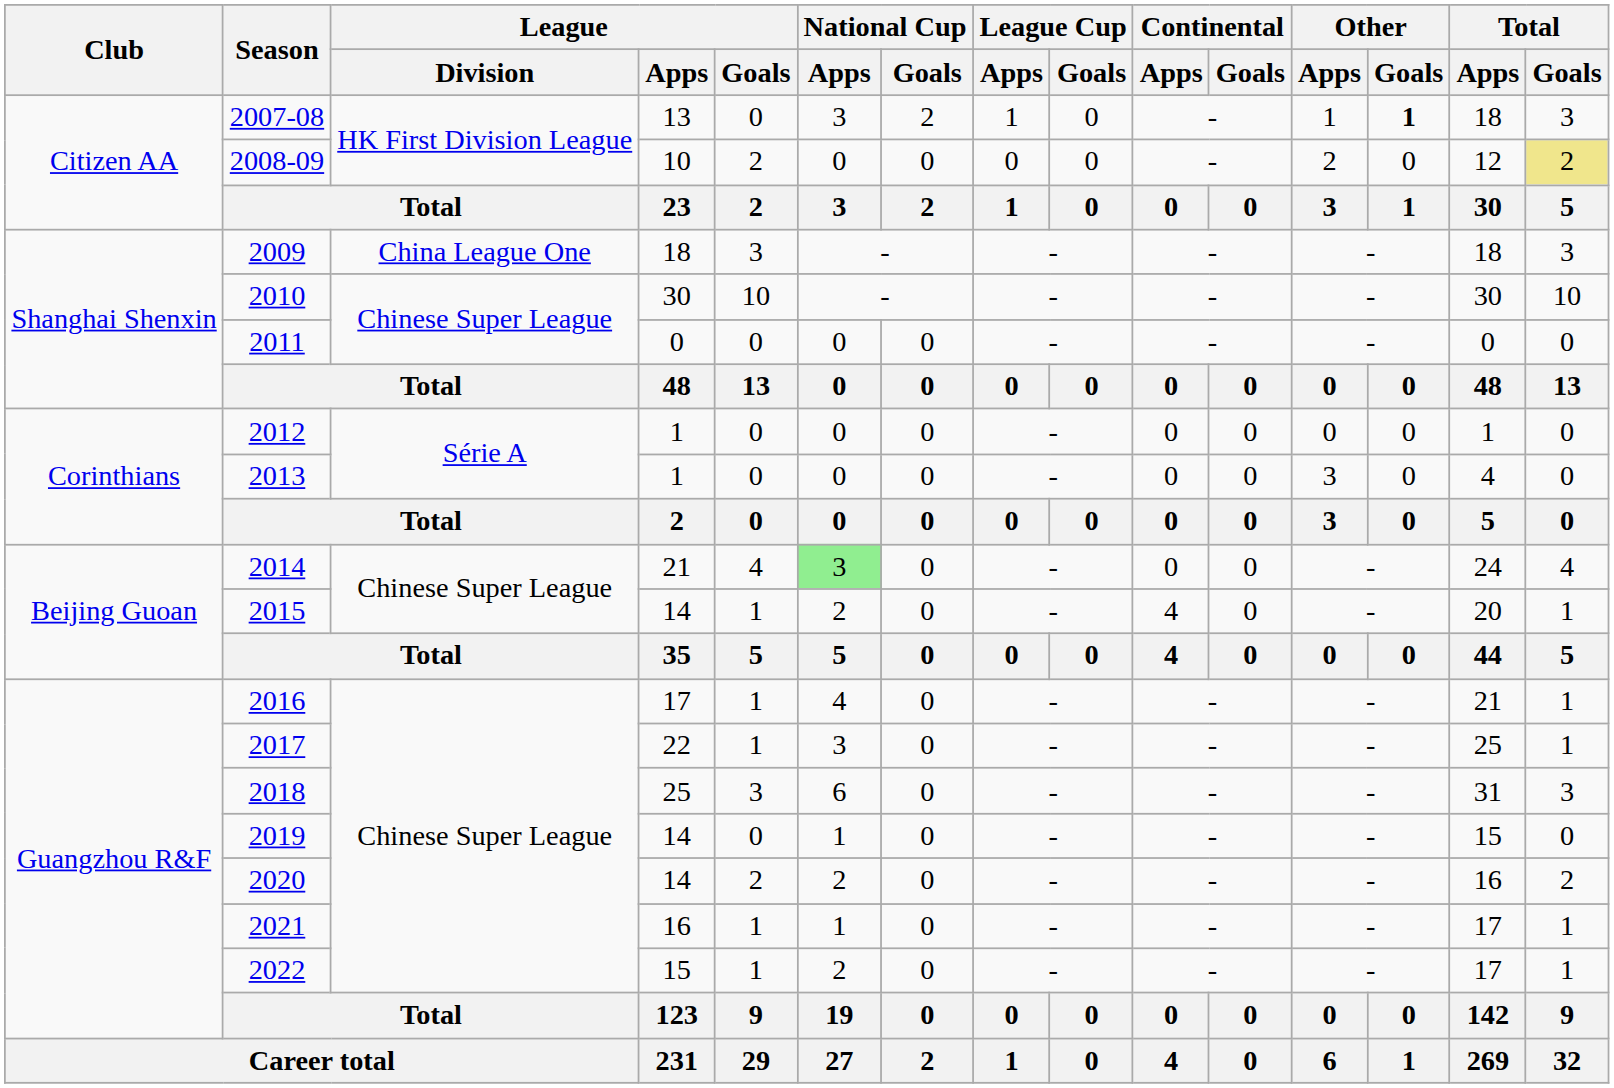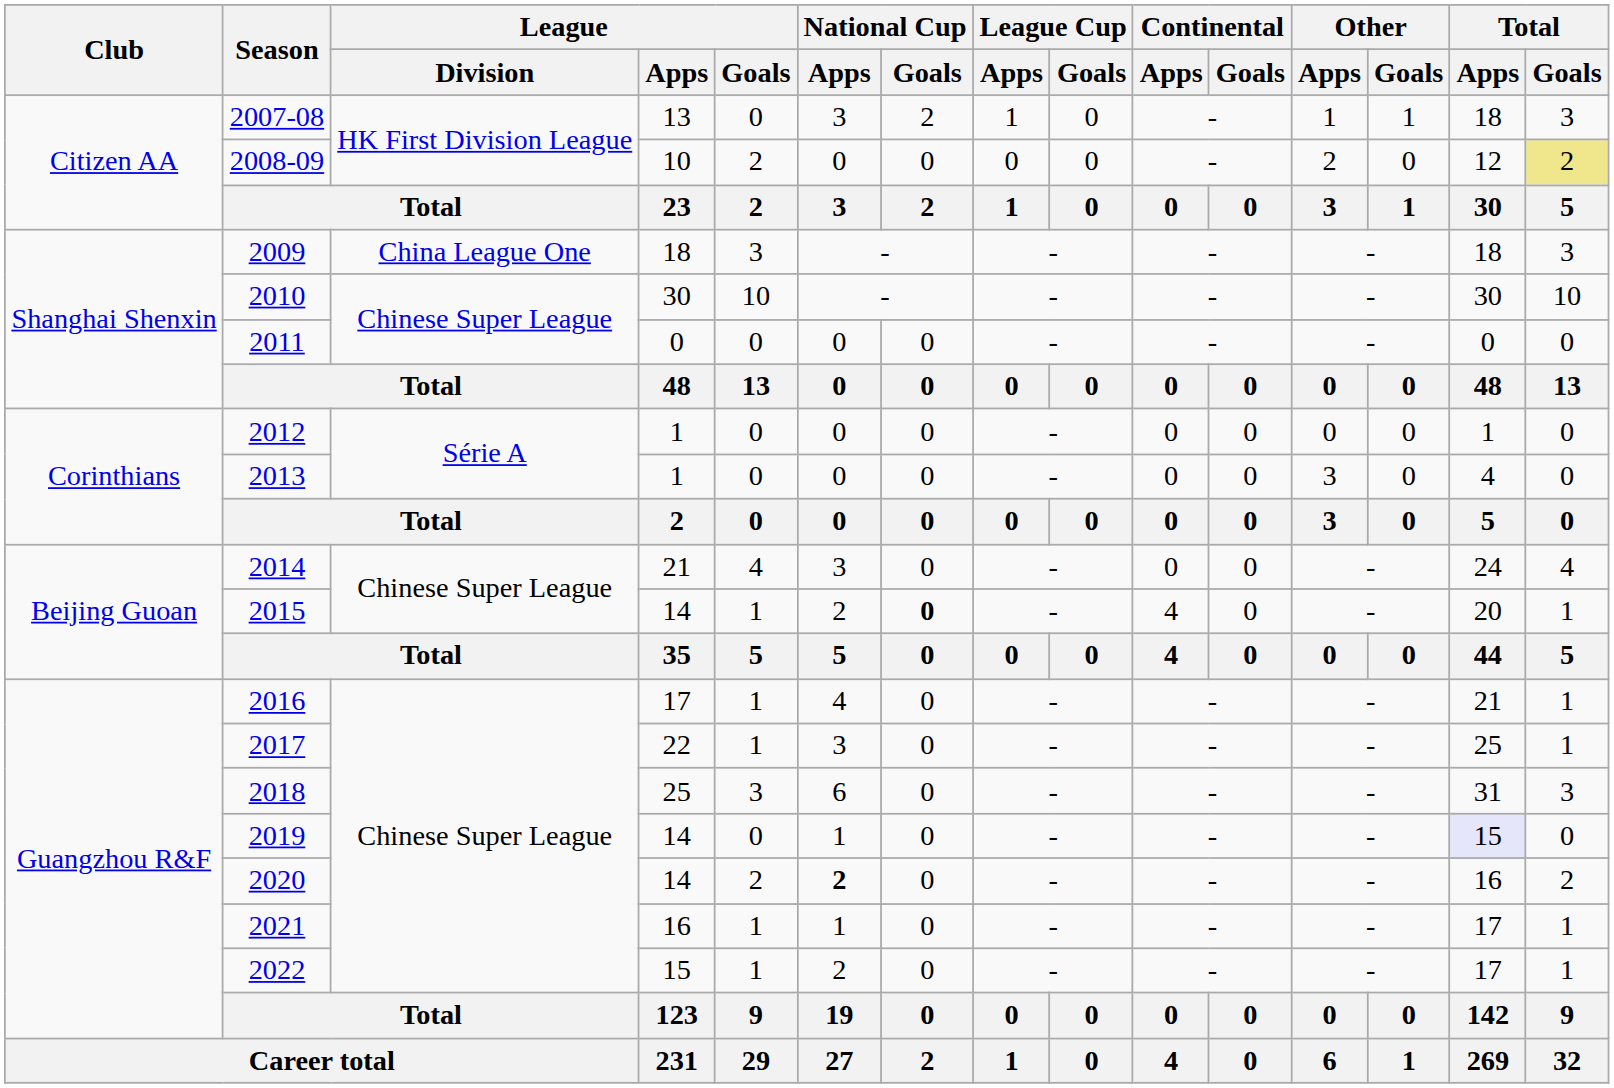 <table class="wikitable" style="text-align: center">
 <tr>
 <th rowspan="2">Club</th>
 <th rowspan="2">Season</th>
 <th colspan="3">League</th>
 <th colspan="2">National Cup</th>
 <th colspan="2">League Cup</th>
 <th colspan="2">Continental</th>
 <th colspan="2">Other</th>
 <th colspan="2">Total</th>
 </tr>
 <tr>
 <th>Division</th>
 <th>Apps</th>
 <th>Goals</th>
 <th>Apps</th>
 <th>Goals</th>
 <th>Apps</th>
 <th>Goals</th>
 <th>Apps</th>
 <th>Goals</th>
 <th>Apps</th>
 <th>Goals</th>
 <th>Apps</th>
 <th>Goals</th>
 </tr>
 <tr>
 <td rowspan=3><a href='#'>Citizen AA</a></td>
 <td><a href='#'>2007-08</a></td>
 <td rowspan=2><a href='#'>HK First Division League</a></td>
 <td>13</td>
 <td>0</td>
 <td>3</td>
 <td>2</td>
 <td>1</td>
 <td>0</td>
 <td colspan="2">-</td>
 <td>1</td>
-<td><strong>1</strong></td>
+<td>1</td>
 <td>18</td>
 <td>3</td>
 </tr>
 <tr>
 <td><a href='#'>2008-09</a></td>
 <td>10</td>
 <td>2</td>
 <td>0</td>
 <td>0</td>
 <td>0</td>
 <td>0</td>
 <td colspan="2">-</td>
 <td>2</td>
 <td>0</td>
 <td>12</td>
 <td style="background: khaki;">2</td>
 </tr>
 <tr>
 <th colspan="2"><strong>Total</strong></th>
 <th>23</th>
 <th>2</th>
 <th>3</th>
 <th>2</th>
 <th>1</th>
 <th>0</th>
 <th>0</th>
 <th>0</th>
 <th>3</th>
 <th>1</th>
 <th>30</th>
 <th>5</th>
 </tr>
 <tr>
 <td rowspan=4><a href='#'>Shanghai Shenxin</a></td>
 <td><a href='#'>2009</a></td>
 <td><a href='#'>China League One</a></td>
 <td>18</td>
 <td>3</td>
 <td colspan="2">-</td>
 <td colspan="2">-</td>
 <td colspan="2">-</td>
 <td colspan="2">-</td>
 <td>18</td>
 <td>3</td>
 </tr>
 <tr>
 <td><a href='#'>2010</a></td>
 <td rowspan=2><a href='#'>Chinese Super League</a></td>
 <td>30</td>
 <td>10</td>
 <td colspan="2">-</td>
 <td colspan="2">-</td>
 <td colspan="2">-</td>
 <td colspan="2">-</td>
 <td>30</td>
 <td>10</td>
 </tr>
 <tr>
 <td><a href='#'>2011</a></td>
 <td>0</td>
 <td>0</td>
 <td>0</td>
 <td>0</td>
 <td colspan="2">-</td>
 <td colspan="2">-</td>
 <td colspan="2">-</td>
 <td>0</td>
 <td>0</td>
 </tr>
 <tr>
 <th colspan="2"><strong>Total</strong></th>
 <th>48</th>
 <th>13</th>
 <th>0</th>
 <th>0</th>
 <th>0</th>
 <th>0</th>
 <th>0</th>
 <th>0</th>
 <th>0</th>
 <th>0</th>
 <th>48</th>
 <th>13</th>
 </tr>
 <tr>
 <td rowspan=3><a href='#'>Corinthians</a></td>
 <td><a href='#'>2012</a></td>
 <td rowspan=2><a href='#'>Série A</a></td>
 <td>1</td>
 <td>0</td>
 <td>0</td>
 <td>0</td>
 <td colspan="2">-</td>
 <td>0</td>
 <td>0</td>
 <td>0</td>
 <td>0</td>
 <td>1</td>
 <td>0</td>
 </tr>
 <tr>
 <td><a href='#'>2013</a></td>
 <td>1</td>
 <td>0</td>
 <td>0</td>
 <td>0</td>
 <td colspan="2">-</td>
 <td>0</td>
 <td>0</td>
 <td>3</td>
 <td>0</td>
 <td>4</td>
 <td>0</td>
 </tr>
 <tr>
 <th colspan="2"><strong>Total</strong></th>
 <th>2</th>
 <th>0</th>
 <th>0</th>
 <th>0</th>
 <th>0</th>
 <th>0</th>
 <th>0</th>
 <th>0</th>
 <th>3</th>
 <th>0</th>
 <th>5</th>
 <th>0</th>
 </tr>
 <tr>
 <td rowspan=3><a href='#'>Beijing Guoan</a></td>
 <td><a href='#'>2014</a></td>
 <td rowspan=2>Chinese Super League</td>
 <td>21</td>
 <td>4</td>
-<td style="background: lightgreen;">3</td>
+<td>3</td>
 <td>0</td>
 <td colspan="2">-</td>
 <td>0</td>
 <td>0</td>
 <td colspan="2">-</td>
 <td>24</td>
 <td>4</td>
 </tr>
 <tr>
 <td><a href='#'>2015</a></td>
 <td>14</td>
 <td>1</td>
 <td>2</td>
-<td>0</td>
+<td><strong>0</strong></td>
 <td colspan="2">-</td>
 <td>4</td>
 <td>0</td>
 <td colspan="2">-</td>
 <td>20</td>
 <td>1</td>
 </tr>
 <tr>
 <th colspan="2"><strong>Total</strong></th>
 <th>35</th>
 <th>5</th>
 <th>5</th>
 <th>0</th>
 <th>0</th>
 <th>0</th>
 <th>4</th>
 <th>0</th>
 <th>0</th>
 <th>0</th>
 <th>44</th>
 <th>5</th>
 </tr>
 <tr>
 <td rowspan=8><a href='#'>Guangzhou R&F</a></td>
 <td><a href='#'>2016</a></td>
 <td rowspan=7>Chinese Super League</td>
 <td>17</td>
 <td>1</td>
 <td>4</td>
 <td>0</td>
 <td colspan="2">-</td>
 <td colspan="2">-</td>
 <td colspan="2">-</td>
 <td>21</td>
 <td>1</td>
 </tr>
 <tr>
 <td><a href='#'>2017</a></td>
 <td>22</td>
 <td>1</td>
 <td>3</td>
 <td>0</td>
 <td colspan="2">-</td>
 <td colspan="2">-</td>
 <td colspan="2">-</td>
 <td>25</td>
 <td>1</td>
 </tr>
 <tr>
 <td><a href='#'>2018</a></td>
 <td>25</td>
 <td>3</td>
 <td>6</td>
 <td>0</td>
 <td colspan="2">-</td>
 <td colspan="2">-</td>
 <td colspan="2">-</td>
 <td>31</td>
 <td>3</td>
 </tr>
 <tr>
 <td><a href='#'>2019</a></td>
 <td>14</td>
 <td>0</td>
 <td>1</td>
 <td>0</td>
 <td colspan="2">-</td>
 <td colspan="2">-</td>
 <td colspan="2">-</td>
-<td>15</td>
+<td style="background: lavender;">15</td>
 <td>0</td>
 </tr>
 <tr>
 <td><a href='#'>2020</a></td>
 <td>14</td>
 <td>2</td>
-<td>2</td>
+<td><strong>2</strong></td>
 <td>0</td>
 <td colspan="2">-</td>
 <td colspan="2">-</td>
 <td colspan="2">-</td>
 <td>16</td>
 <td>2</td>
 </tr>
 <tr>
 <td><a href='#'>2021</a></td>
 <td>16</td>
 <td>1</td>
 <td>1</td>
 <td>0</td>
 <td colspan="2">-</td>
 <td colspan="2">-</td>
 <td colspan="2">-</td>
 <td>17</td>
 <td>1</td>
 </tr>
 <tr>
 <td><a href='#'>2022</a></td>
 <td>15</td>
 <td>1</td>
 <td>2</td>
 <td>0</td>
 <td colspan="2">-</td>
 <td colspan="2">-</td>
 <td colspan="2">-</td>
 <td>17</td>
 <td>1</td>
 </tr>
 <tr>
 <th colspan="2"><strong>Total</strong></th>
 <th>123</th>
 <th>9</th>
 <th>19</th>
 <th>0</th>
 <th>0</th>
 <th>0</th>
 <th>0</th>
 <th>0</th>
 <th>0</th>
 <th>0</th>
 <th>142</th>
 <th>9</th>
 </tr>
 <tr>
 <th colspan=3>Career total</th>
 <th>231</th>
 <th>29</th>
 <th>27</th>
 <th>2</th>
 <th>1</th>
 <th>0</th>
 <th>4</th>
 <th>0</th>
 <th>6</th>
 <th>1</th>
 <th>269</th>
 <th>32</th>
 </tr>
 </table>
